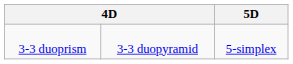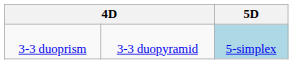 <table class="wikitable skin-invert-image" style="width:360px; text-align:center;">
 <tr>
 <th colspan=2>4D</th>
 <th>5D</th>
 </tr>
 <tr valign=top>
 <td><br><a href='#'>3-3 duoprism</a></td>
 <td><br><a href='#'>3-3 duopyramid</a></td>
-<td><br><a href='#'>5-simplex</a></td>
+<td style="background: lightblue;"><br><a href='#'>5-simplex</a></td>
 </tr>
 </table>
